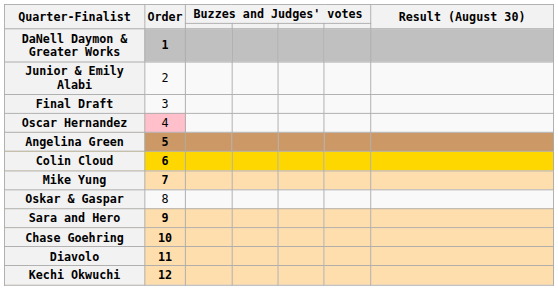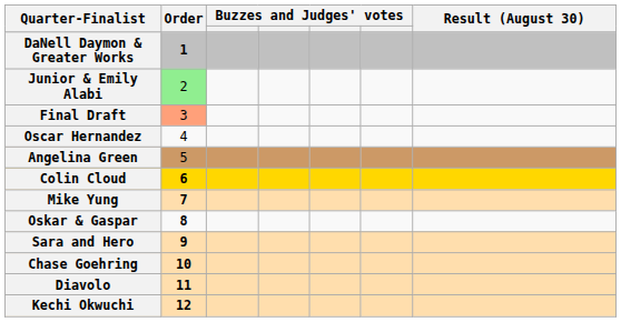 <table class="wikitable plainrowheaders sortable" style="text-align:center;">
 <tr>
 <th scope="col" rowspan="2" class="unsortable" style="width:17em;">Quarter-Finalist</th>
 <th scope="col" rowspan="2" style="width:1em;">Order</th>
 <th scope="col" colspan="4" class="unsortable" style="width:24em;">Buzzes and Judges' votes</th>
 <th scope="col" rowspan="2" style="width:25em;">Result (August 30)</th>
 </tr>
 <tr>
 <th scope="col" class="unsortable" style="width:6em;"></th>
 <th scope="col" class="unsortable" style="width:6em;"></th>
 <th scope="col" class="unsortable" style="width:6em;"></th>
 <th scope="col" class="unsortable" style="width:6em;"></th>
 </tr>
 <tr style="background:silver;">
 <th scope="row"><strong>DaNell Daymon & Greater Works</strong></th>
 <td><strong>1</strong></td>
 <td style="text-align:center;"></td>
 <td style="text-align:center;"></td>
 <td style="text-align:center;"></td>
 <td style="text-align:center;"></td>
 <td><strong></strong></td>
 </tr>
 <tr>
 <th scope="row">Junior & Emily Alabi</th>
-<td>2</td>
+<td style="background: lightgreen;">2</td>
 <td style="text-align:center;"></td>
 <td style="text-align:center;"></td>
 <td style="text-align:center;"></td>
 <td style="text-align:center;"></td>
 <td></td>
 </tr>
 <tr>
 <th scope="row">Final Draft</th>
-<td>3</td>
+<td style="background: lightsalmon;">3</td>
 <td style="text-align:center;"></td>
 <td style="text-align:center;"></td>
 <td style="text-align:center;"></td>
 <td style="text-align:center;"></td>
 <td></td>
 </tr>
 <tr>
 <th scope="row">Oscar Hernandez</th>
-<td style="background: pink;">4</td>
+<td>4</td>
 <td style="text-align:center;"></td>
 <td style="text-align:center;"></td>
 <td style="text-align:center;"></td>
 <td style="text-align:center;"></td>
 <td></td>
 </tr>
 <tr style="background:#c96;">
 <th scope="row">Angelina Green</th>
-<td><strong>5</strong></td>
+<td>5</td>
 <td style="text-align:center;"></td>
 <td style="text-align:center;"></td>
 <td style="text-align:center;"></td>
 <td style="text-align:center;"></td>
 <td></td>
 </tr>
 <tr style="background:gold;">
 <th scope="row"><strong>Colin Cloud</strong></th>
 <td><strong>6</strong></td>
 <td style="text-align:center;"></td>
 <td style="text-align:center;"></td>
 <td style="text-align:center;"></td>
 <td style="text-align:center;"></td>
 <td><strong></strong></td>
 </tr>
 <tr style="background:NavajoWhite;">
 <th scope="row"><strong>Mike Yung</strong></th>
 <td><strong>7</strong></td>
 <td style="text-align:center;"></td>
 <td style="text-align:center;"></td>
 <td style="text-align:center;"></td>
 <td style="text-align:center;"></td>
 <td><strong></strong></td>
 </tr>
 <tr>
 <th scope="row">Oskar & Gaspar</th>
-<td>8</td>
+<td><strong>8</strong></td>
 <td style="text-align:center;"></td>
 <td style="text-align:center;"></td>
 <td style="text-align:center;"></td>
 <td style="text-align:center;"></td>
 <td></td>
 </tr>
 <tr style="background:NavajoWhite;">
 <th scope="row"><strong>Sara and Hero</strong></th>
 <td><strong>9</strong></td>
 <td style="text-align:center;"></td>
 <td style="text-align:center;"></td>
 <td style="text-align:center;"></td>
 <td style="text-align:center;"></td>
 <td><strong></strong></td>
 </tr>
 <tr style="background:NavajoWhite;">
 <th scope="row"><strong>Chase Goehring</strong></th>
 <td><strong>10</strong></td>
 <td style="text-align:center;"></td>
 <td style="text-align:center;"></td>
 <td style="text-align:center;"></td>
 <td style="text-align:center;"></td>
 <td><strong></strong></td>
 </tr>
 <tr style="background:NavajoWhite;">
 <th scope="row"><strong>Diavolo</strong></th>
 <td><strong>11</strong></td>
 <td style="text-align:center;"></td>
 <td style="text-align:center;"></td>
 <td style="text-align:center;"></td>
 <td style="text-align:center;"></td>
 <td><strong></strong></td>
 </tr>
 <tr style="background:NavajoWhite;">
 <th scope="row"><strong>Kechi Okwuchi</strong></th>
 <td><strong>12</strong></td>
 <td style="text-align:center;"></td>
 <td style="text-align:center;"></td>
 <td style="text-align:center;"></td>
 <td style="text-align:center;"></td>
 <td><strong></strong></td>
 </tr>
 </table>
